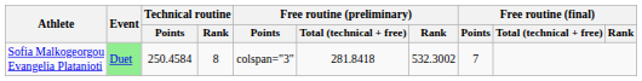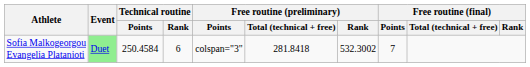 <table class="wikitable" style="font-size:90%">
 <tr>
 <th rowspan="2">Athlete</th>
 <th rowspan="2">Event</th>
 <th colspan=2>Technical routine</th>
 <th colspan=3>Free routine (preliminary)</th>
 <th colspan=3>Free routine (final)</th>
 </tr>
 <tr style="font-size:95%">
 <th>Points</th>
 <th>Rank</th>
 <th>Points</th>
 <th>Total (technical + free)</th>
 <th>Rank</th>
 <th>Points</th>
 <th>Total (technical + free)</th>
 <th>Rank</th>
 </tr>
 <tr align=center>
 <td align=left><a href='#'>Sofia Malkogeorgou</a><br><a href='#'>Evangelia Platanioti</a></td>
 <td align=left style="background: lightgreen;"><a href='#'>Duet</a></td>
 <td>250.4584</td>
-<td>8</td>
+<td>6</td>
 <td>colspan="3" </td>
 <td>281.8418</td>
 <td>532.3002</td>
 <td>7</td>
 </tr>
 </table>
